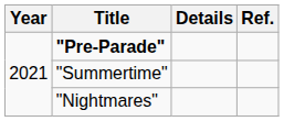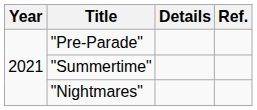 <table class="wikitable">
 <tr>
 <th>Year</th>
 <th>Title</th>
 <th>Details</th>
 <th>Ref.</th>
 </tr>
 <tr>
 <td rowspan="3">2021</td>
-<td><strong>"Pre-Parade" </strong></td>
+<td>"Pre-Parade" </td>
 <td></td>
 <td align="center"></td>
 </tr>
 <tr>
 <td>"Summertime" </td>
 <td></td>
 <td></td>
 </tr>
 <tr>
 <td>"Nightmares" </td>
 <td></td>
 <td align="center"></td>
 </tr>
 </table>
